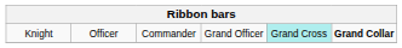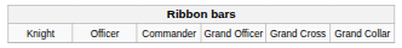 <table class="wikitable" style="margin:0.2em auto">
 <tr>
 <th colspan=6>Ribbon bars</th>
 </tr>
 <tr>
 <td width=16.667% valign=top align=center><small>Knight</small></td>
 <td width=16.667% valign=top align=center><small>Officer</small></td>
 <td width=16.667% valign=top align=center><small>Commander</small></td>
 <td width=16.667% valign=top align=center><small>Grand Officer</small></td>
-<td width=16.667% valign=top align=center style="background: paleturquoise;"><small>Grand Cross</small></td>
-<td width=16.667% valign=top align=center><strong><small>Grand Collar</small></strong></td>
+<td width=16.667% valign=top align=center><small>Grand Cross</small></td>
+<td width=16.667% valign=top align=center><small>Grand Collar</small></td>
 </tr>
 <tr>
 </tr>
 </table>
